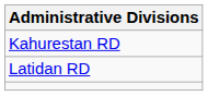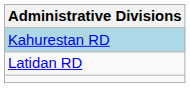 <table class="wikitable">
 <tr>
 <th>Administrative Divisions</th>
 </tr>
 <tr>
-<td><a href='#'>Kahurestan RD</a></td>
+<td style="background: lightblue;"><a href='#'>Kahurestan RD</a></td>
 </tr>
 <tr>
 <td><a href='#'>Latidan RD</a></td>
 </tr>
 <tr>
 <td colspan=1></td>
 </tr>
 </table>
